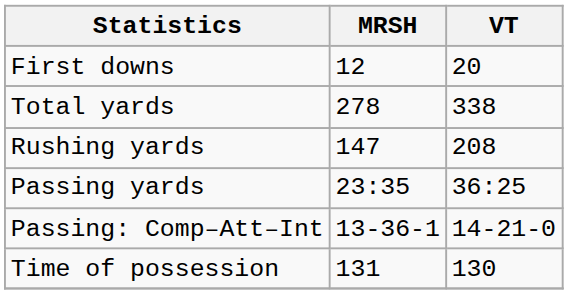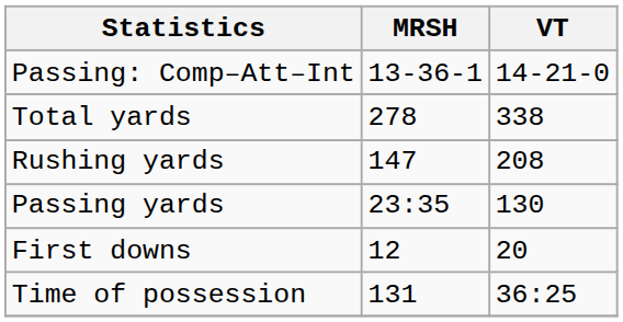 <table class="wikitable" style="float: left;">
 <tr>
 <th>Statistics</th>
 <th>MRSH</th>
 <th>VT</th>
 </tr>
 <tr>
-<td>First downs</td>
-<td>12</td>
-<td>20</td>
+<td>Passing: Comp–Att–Int</td>
+<td>13-36-1</td>
+<td>14-21-0</td>
 </tr>
 <tr>
 <td>Total yards</td>
 <td>278</td>
 <td>338</td>
 </tr>
 <tr>
 <td>Rushing yards</td>
 <td>147</td>
 <td>208</td>
 </tr>
 <tr>
 <td>Passing yards</td>
 <td>23:35</td>
-<td>36:25</td>
+<td>130</td>
 </tr>
 <tr>
-<td>Passing: Comp–Att–Int</td>
-<td>13-36-1</td>
-<td>14-21-0</td>
+<td>First downs</td>
+<td>12</td>
+<td>20</td>
 </tr>
 <tr>
 <td>Time of possession</td>
 <td>131</td>
-<td>130</td>
+<td>36:25</td>
 </tr>
 <tr>
 </tr>
 </table>
